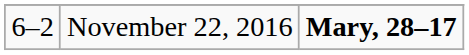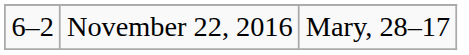 <table class="wikitable">
 <tr align="center">
 </tr>
 <tr align="center">
 <td>6–2</td>
 <td>November 22, 2016</td>
-<td><strong>Mary, 28–17</strong></td>
+<td>Mary, 28–17</td>
 </tr>
 </table>
